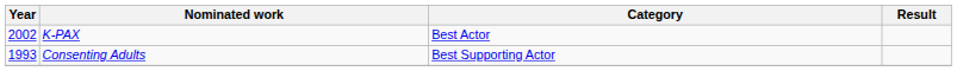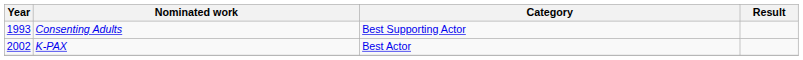 <table class="wikitable">
 <tr>
 <th scope="col" style="width:1em;">Year</th>
 <th scope="col" style="width:30em;">Nominated work</th>
 <th scope="col" style="width:35em;">Category</th>
 <th scope="col" style="width:5em;">Result</th>
 </tr>
 <tr>
+<td><a href='#'>1993</a></td>
+<td><em><a href='#'>Consenting Adults</a></em></td>
+<td><a href='#'>Best Supporting Actor</a></td>
+<td></td>
+</tr>
+<tr>
 <td><a href='#'>2002</a></td>
 <td><em><a href='#'>K-PAX</a></em></td>
 <td><a href='#'>Best Actor</a></td>
 <td></td>
 </tr>
 <tr>
-<td><a href='#'>1993</a></td>
-<td><em><a href='#'>Consenting Adults</a></em></td>
-<td><a href='#'>Best Supporting Actor</a></td>
-<td></td>
-</tr>
-<tr>
 </tr>
 </table>
